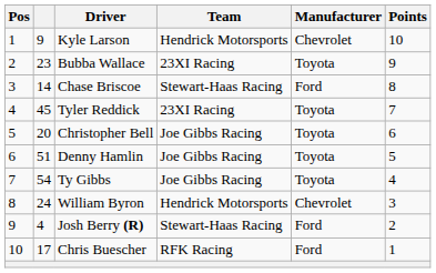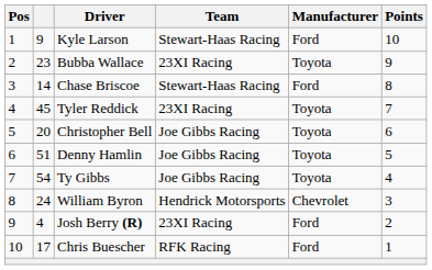 <table class="wikitable" style="font-size:98%">
 <tr>
 <th>Pos</th>
 <th></th>
 <th>Driver</th>
 <th>Team</th>
 <th>Manufacturer</th>
 <th>Points</th>
 </tr>
 <tr>
 <td>1</td>
 <td>9</td>
 <td>Kyle Larson</td>
-<td>Hendrick Motorsports</td>
-<td>Chevrolet</td>
+<td>Stewart-Haas Racing</td>
+<td>Ford</td>
 <td>10</td>
 </tr>
 <tr>
 <td>2</td>
 <td>23</td>
 <td>Bubba Wallace</td>
 <td>23XI Racing</td>
 <td>Toyota</td>
 <td>9</td>
 </tr>
 <tr>
 <td>3</td>
 <td>14</td>
 <td>Chase Briscoe</td>
 <td>Stewart-Haas Racing</td>
 <td>Ford</td>
 <td>8</td>
 </tr>
 <tr>
 <td>4</td>
 <td>45</td>
 <td>Tyler Reddick</td>
 <td>23XI Racing</td>
 <td>Toyota</td>
 <td>7</td>
 </tr>
 <tr>
 <td>5</td>
 <td>20</td>
 <td>Christopher Bell</td>
 <td>Joe Gibbs Racing</td>
 <td>Toyota</td>
 <td>6</td>
 </tr>
 <tr>
 <td>6</td>
 <td>51</td>
 <td>Denny Hamlin</td>
 <td>Joe Gibbs Racing</td>
 <td>Toyota</td>
 <td>5</td>
 </tr>
 <tr>
 <td>7</td>
 <td>54</td>
 <td>Ty Gibbs</td>
 <td>Joe Gibbs Racing</td>
 <td>Toyota</td>
 <td>4</td>
 </tr>
 <tr>
 <td>8</td>
 <td>24</td>
 <td>William Byron</td>
 <td>Hendrick Motorsports</td>
 <td>Chevrolet</td>
 <td>3</td>
 </tr>
 <tr>
 <td>9</td>
 <td>4</td>
 <td>Josh Berry <strong>(R)</strong></td>
-<td>Stewart-Haas Racing</td>
+<td>23XI Racing</td>
 <td>Ford</td>
 <td>2</td>
 </tr>
 <tr>
 <td>10</td>
 <td>17</td>
 <td>Chris Buescher</td>
 <td>RFK Racing</td>
 <td>Ford</td>
 <td>1</td>
 </tr>
 <tr>
 <th colspan="6"></th>
 </tr>
 </table>
